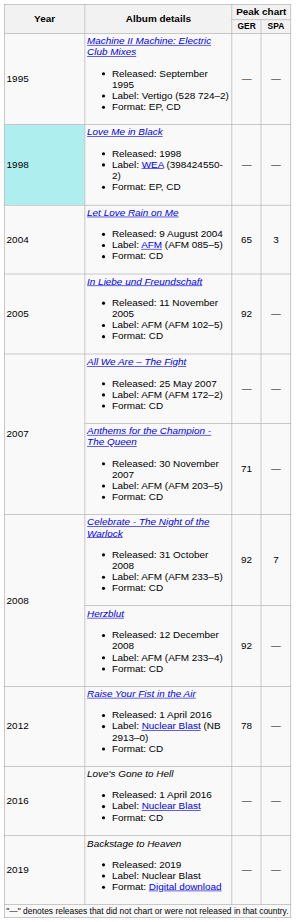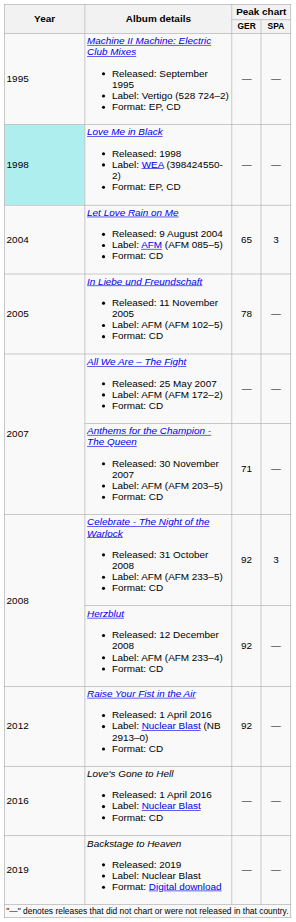 <table class="wikitable">
 <tr>
 <th rowspan="2">Year</th>
 <th rowspan="2" width="230">Album details</th>
 <th colspan="4">Peak chart</th>
 </tr>
 <tr>
 <th style="width:3em;font-size:85%;">GER<br></th>
 <th style="width:3em;font-size:85%;">SPA</th>
 </tr>
 <tr>
 <td>1995</td>
 <td><em><a href='#'>Machine II Machine: Electric Club Mixes</a></em><br><ul><li>Released: September 1995</li><li>Label: Vertigo (528 724–2)</li><li>Format: EP, CD</li></ul></td>
 <td align="center">—</td>
 <td align="center">—</td>
 </tr>
 <tr>
 <td style="background: paleturquoise;">1998</td>
 <td><em><a href='#'>Love Me in Black</a></em><br><ul><li>Released: 1998</li><li>Label: <a href='#'>WEA</a> (398424550-2)</li><li>Format: EP, CD</li></ul></td>
 <td align="center">—</td>
 <td align="center">—</td>
 </tr>
 <tr>
 <td>2004</td>
 <td><em><a href='#'>Let Love Rain on Me</a></em><br><ul><li>Released: 9 August 2004</li><li>Label: <a href='#'>AFM</a> (AFM 085–5)</li><li>Format: CD</li></ul></td>
 <td align="center">65</td>
 <td align="center">3</td>
 </tr>
 <tr>
 <td>2005</td>
 <td><em><a href='#'>In Liebe und Freundschaft</a></em><br><ul><li>Released: 11 November 2005</li><li>Label: AFM (AFM 102–5)</li><li>Format: CD</li></ul></td>
-<td align="center">92</td>
+<td align="center">78</td>
 <td align="center">—</td>
 </tr>
 <tr>
 <td rowspan="2">2007</td>
 <td><em><a href='#'>All We Are – The Fight</a></em><br><ul><li>Released: 25 May 2007</li><li>Label: AFM (AFM 172–2)</li><li>Format: CD</li></ul></td>
 <td align="center">—</td>
 <td align="center">—</td>
 </tr>
 <tr>
 <td><em><a href='#'>Anthems for the Champion - The Queen</a></em><br><ul><li>Released: 30 November 2007</li><li>Label: AFM (AFM 203–5)</li><li>Format: CD</li></ul></td>
 <td align="center">71</td>
 <td align="center">—</td>
 </tr>
 <tr>
 <td rowspan="2">2008</td>
 <td><em><a href='#'>Celebrate - The Night of the Warlock</a></em><br><ul><li>Released: 31 October 2008</li><li>Label: AFM (AFM 233–5)</li><li>Format: CD</li></ul></td>
 <td align="center">92</td>
-<td align="center">7</td>
+<td align="center">3</td>
 </tr>
 <tr>
 <td><em><a href='#'>Herzblut</a></em><br><ul><li>Released: 12 December 2008</li><li>Label: AFM (AFM 233–4)</li><li>Format: CD</li></ul></td>
 <td align="center">92</td>
 <td align="center">—</td>
 </tr>
 <tr>
 <td>2012</td>
 <td><em><a href='#'>Raise Your Fist in the Air</a></em><br><ul><li>Released: 1 April 2016</li><li>Label: <a href='#'>Nuclear Blast</a> (NB 2913–0)</li><li>Format: CD</li></ul></td>
-<td align="center">78</td>
+<td align="center">92</td>
 <td align="center">—</td>
 </tr>
 <tr>
 <td>2016</td>
 <td><em>Love's Gone to Hell</em><br><ul><li>Released: 1 April 2016</li><li>Label: <a href='#'>Nuclear Blast</a></li><li>Format: CD</li></ul></td>
 <td align="center">—</td>
 <td align="center">—</td>
 </tr>
 <tr>
 <td>2019</td>
 <td><em>Backstage to Heaven</em><br><ul><li>Released: 2019</li><li>Label: Nuclear Blast</li><li>Format: <a href='#'>Digital download</a></li></ul></td>
 <td align="center">—</td>
 <td align="center">—</td>
 </tr>
 <tr>
 <td align="center" colspan="7" style="font-size: 85%">"—" denotes releases that did not chart or were not released in that country.</td>
 </tr>
 </table>
